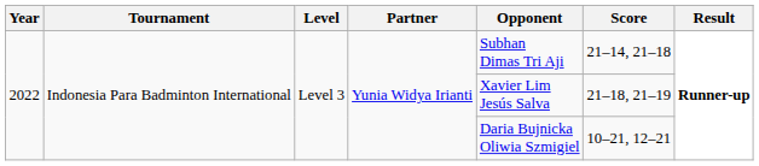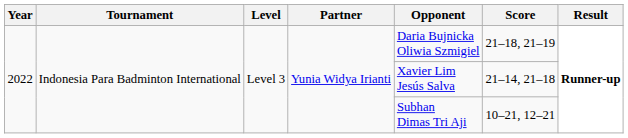 <table class="sortable wikitable" style="font-size: 90%;">
 <tr>
 <th>Year</th>
 <th>Tournament</th>
 <th>Level</th>
 <th>Partner</th>
 <th>Opponent</th>
 <th>Score</th>
 <th>Result</th>
 </tr>
 <tr>
 <td rowspan="3" align="center">2022</td>
 <td rowspan="3" align="left">Indonesia Para Badminton International</td>
 <td rowspan="3" align="left">Level 3</td>
 <td rowspan="3"> <a href='#'>Yunia Widya Irianti</a></td>
-<td align="left"> <a href='#'>Subhan</a><br> <a href='#'>Dimas Tri Aji</a></td>
-<td align="left">21–14, 21–18</td>
+<td align="left"> <a href='#'>Daria Bujnicka</a><br> <a href='#'>Oliwia Szmigiel</a></td>
+<td align="left">21–18, 21–19</td>
 <td rowspan="3" style="text-align:left; background:white"> <strong>Runner-up</strong></td>
 </tr>
 <tr>
 <td align="left"> <a href='#'>Xavier Lim</a><br> <a href='#'>Jesús Salva</a></td>
-<td align="left">21–18, 21–19</td>
+<td align="left">21–14, 21–18</td>
 </tr>
 <tr>
-<td align="left"> <a href='#'>Daria Bujnicka</a><br> <a href='#'>Oliwia Szmigiel</a></td>
+<td align="left"> <a href='#'>Subhan</a><br> <a href='#'>Dimas Tri Aji</a></td>
 <td align="left">10–21, 12–21</td>
 </tr>
 </table>
